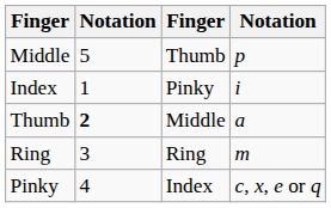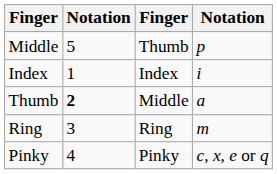 <table class="wikitable">
 <tr>
 <th>Finger</th>
 <th>Notation</th>
 <th>Finger</th>
 <th>Notation</th>
 </tr>
 <tr>
 <td>Middle</td>
 <td>5</td>
 <td>Thumb</td>
 <td><em>p</em></td>
 </tr>
 <tr>
 <td>Index</td>
 <td>1</td>
-<td>Pinky</td>
+<td>Index</td>
 <td><em>i</em></td>
 </tr>
 <tr>
 <td>Thumb</td>
 <td><strong>2</strong></td>
 <td>Middle</td>
 <td><em>a</em></td>
 </tr>
 <tr>
 <td>Ring</td>
 <td>3</td>
 <td>Ring</td>
 <td><em>m</em></td>
 </tr>
 <tr>
 <td>Pinky</td>
 <td>4</td>
-<td>Index</td>
+<td>Pinky</td>
 <td><em>c</em>, <em>x</em>, <em>e</em> or <em>q</em></td>
 </tr>
 </table>
